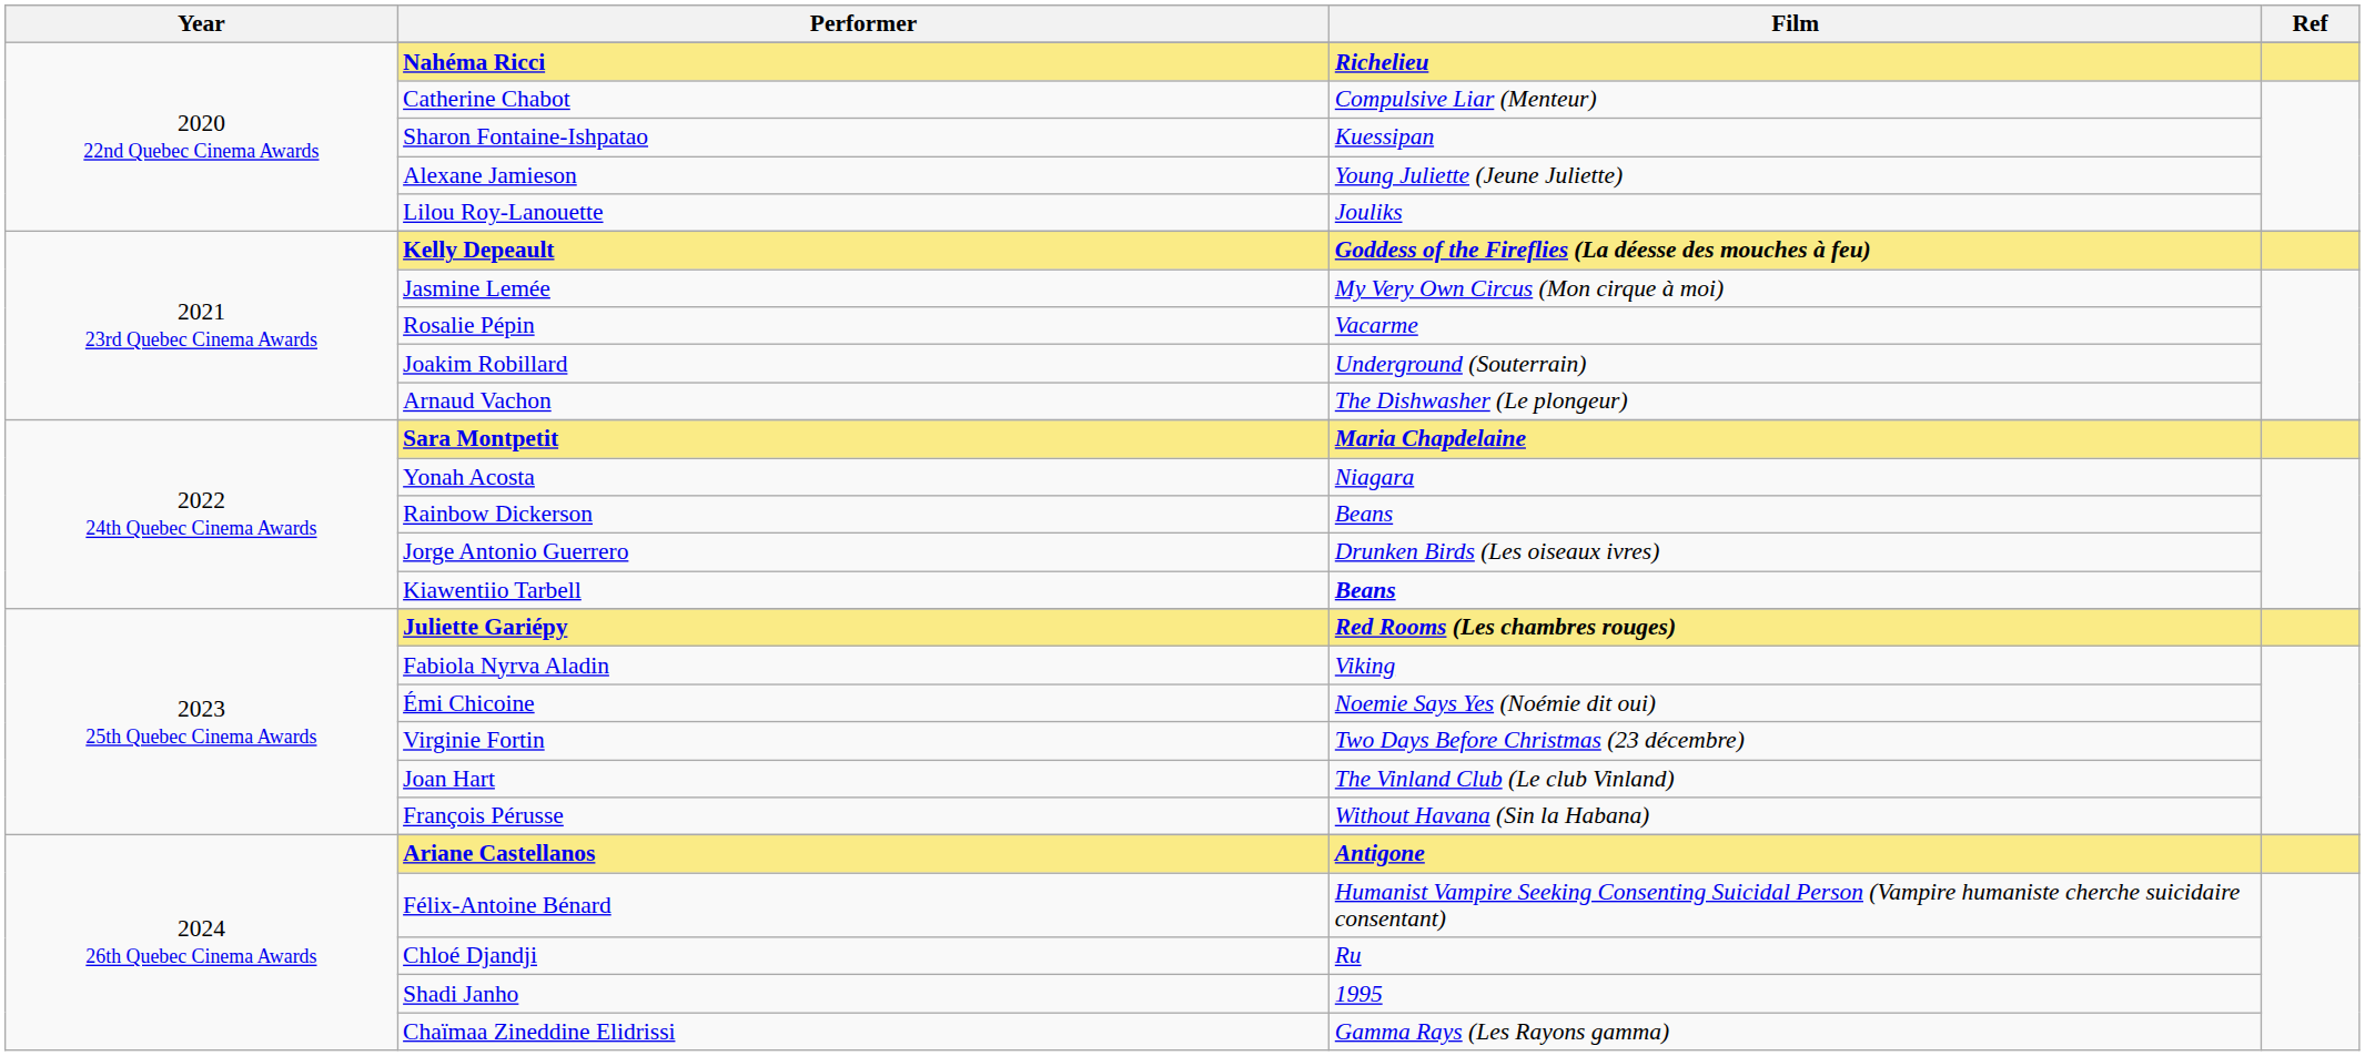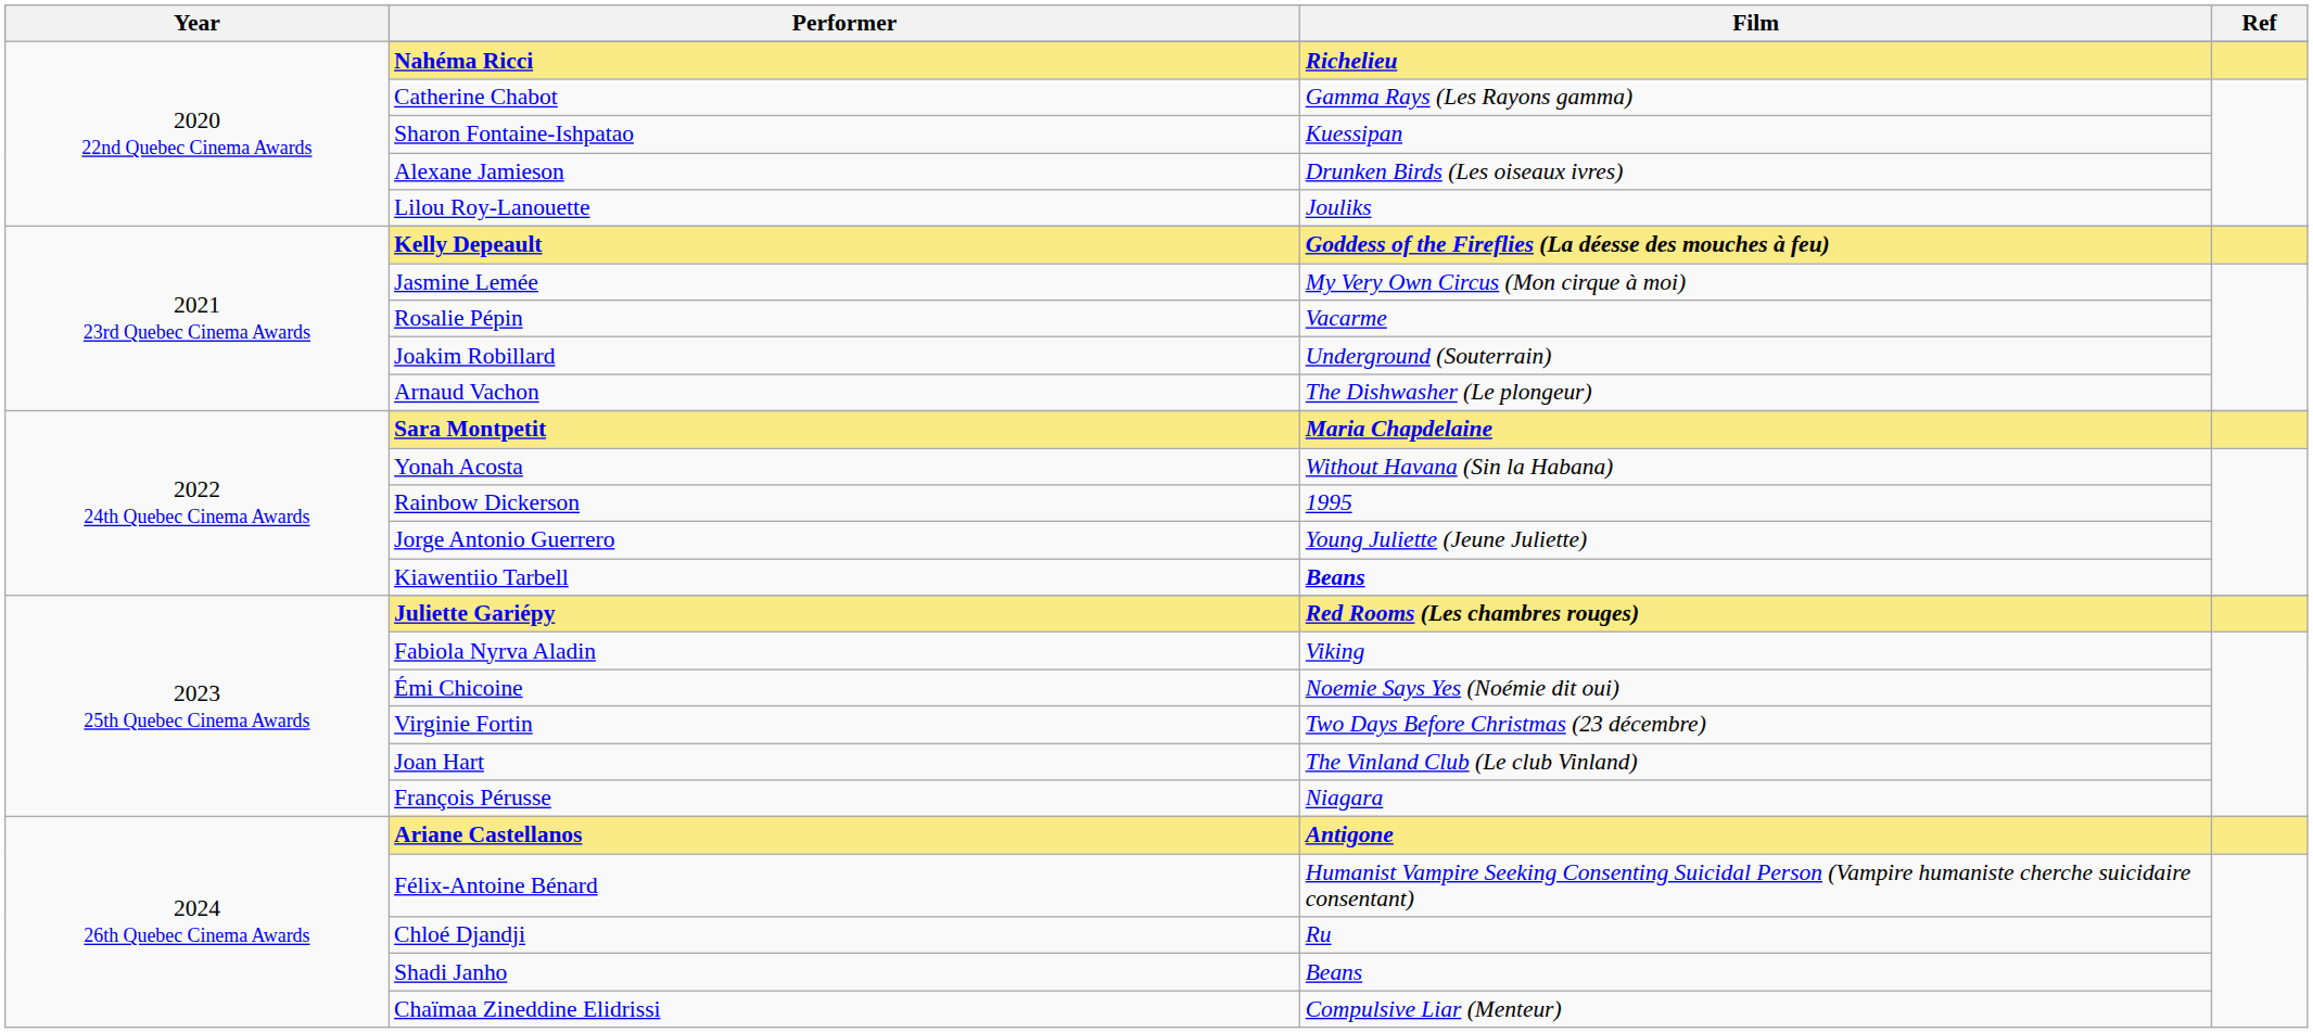 <table class="wikitable" style="width:100%;">
 <tr style="background:#bebebe;">
 <th style="width:8%;">Year</th>
 <th style="width:19%;">Performer</th>
 <th style="width:19%;">Film</th>
 <th style="width:2%;">Ref</th>
 </tr>
 <tr>
 <td rowspan="6" align="center">2020<br> <small><a href='#'>22nd Quebec Cinema Awards</a></small></td>
 </tr>
 <tr style="background:#FAEB86">
 <td><strong><a href='#'>Nahéma Ricci</a></strong></td>
 <td><strong><em><a href='#'>Richelieu</a></em></strong></td>
 <td></td>
 </tr>
 <tr>
 <td><a href='#'>Catherine Chabot</a></td>
-<td><em><a href='#'>Compulsive Liar</a> (Menteur)</em></td>
+<td><em><a href='#'>Gamma Rays</a> (Les Rayons gamma)</em></td>
 <td rowspan=4></td>
 </tr>
 <tr>
 <td><a href='#'>Sharon Fontaine-Ishpatao</a></td>
 <td><em><a href='#'>Kuessipan</a></em></td>
 </tr>
 <tr>
 <td><a href='#'>Alexane Jamieson</a></td>
-<td><em><a href='#'>Young Juliette</a> (Jeune Juliette)</em></td>
+<td><em><a href='#'>Drunken Birds</a> (Les oiseaux ivres)</em></td>
 </tr>
 <tr>
 <td><a href='#'>Lilou Roy-Lanouette</a></td>
 <td><em><a href='#'>Jouliks</a></em></td>
 </tr>
 <tr>
 <td rowspan="6" align="center">2021<br><small><a href='#'>23rd Quebec Cinema Awards</a></small></td>
 </tr>
 <tr style="background:#FAEB86">
 <td><strong><a href='#'>Kelly Depeault</a></strong></td>
 <td><strong><em><a href='#'>Goddess of the Fireflies</a> (La déesse des mouches à feu)</em></strong></td>
 <td></td>
 </tr>
 <tr>
 <td><a href='#'>Jasmine Lemée</a></td>
 <td><em><a href='#'>My Very Own Circus</a> (Mon cirque à moi)</em></td>
 <td rowspan=4></td>
 </tr>
 <tr>
 <td><a href='#'>Rosalie Pépin</a></td>
 <td><em><a href='#'>Vacarme</a></em></td>
 </tr>
 <tr>
 <td><a href='#'>Joakim Robillard</a></td>
 <td><em><a href='#'>Underground</a> (Souterrain)</em></td>
 </tr>
 <tr>
 <td><a href='#'>Arnaud Vachon</a></td>
 <td><em><a href='#'>The Dishwasher</a> (Le plongeur)</em></td>
 </tr>
 <tr>
 <td rowspan="6" align="center">2022<br><small><a href='#'>24th Quebec Cinema Awards</a></small></td>
 </tr>
 <tr style="background:#FAEB86">
 <td><strong><a href='#'>Sara Montpetit</a></strong></td>
 <td><strong><em><a href='#'>Maria Chapdelaine</a></em></strong></td>
 <td></td>
 </tr>
 <tr>
 <td><a href='#'>Yonah Acosta</a></td>
-<td><em><a href='#'>Niagara</a></em></td>
+<td><em><a href='#'>Without Havana</a> (Sin la Habana)</em></td>
 <td rowspan=4></td>
 </tr>
 <tr>
 <td><a href='#'>Rainbow Dickerson</a></td>
-<td><em><a href='#'>Beans</a></em></td>
+<td><em><a href='#'>1995</a></em></td>
 </tr>
 <tr>
 <td><a href='#'>Jorge Antonio Guerrero</a></td>
-<td><em><a href='#'>Drunken Birds</a> (Les oiseaux ivres)</em></td>
+<td><em><a href='#'>Young Juliette</a> (Jeune Juliette)</em></td>
 </tr>
 <tr>
 <td><a href='#'>Kiawentiio Tarbell</a></td>
 <td><strong><em><a href='#'>Beans</a></em></strong></td>
 </tr>
 <tr>
 <td rowspan="7" align="center">2023<br><small><a href='#'>25th Quebec Cinema Awards</a></small></td>
 </tr>
 <tr style="background:#FAEB86">
 <td><strong><a href='#'>Juliette Gariépy</a></strong></td>
 <td><strong><em><a href='#'>Red Rooms</a> (Les chambres rouges)</em></strong></td>
 <td></td>
 </tr>
 <tr>
 <td><a href='#'>Fabiola Nyrva Aladin</a></td>
 <td><em><a href='#'>Viking</a></em></td>
 <td rowspan=5></td>
 </tr>
 <tr>
 <td><a href='#'>Émi Chicoine</a></td>
 <td><em><a href='#'>Noemie Says Yes</a> (Noémie dit oui)</em></td>
 </tr>
 <tr>
 <td><a href='#'>Virginie Fortin</a></td>
 <td><em><a href='#'>Two Days Before Christmas</a> (23 décembre)</em></td>
 </tr>
 <tr>
 <td><a href='#'>Joan Hart</a></td>
 <td><em><a href='#'>The Vinland Club</a> (Le club Vinland)</em></td>
 </tr>
 <tr>
 <td><a href='#'>François Pérusse</a></td>
-<td><em><a href='#'>Without Havana</a> (Sin la Habana)</em></td>
+<td><em><a href='#'>Niagara</a></em></td>
 </tr>
 <tr>
 <td rowspan="6" align="center">2024<br><small><a href='#'>26th Quebec Cinema Awards</a></small></td>
 </tr>
 <tr style="background:#FAEB86">
 <td><strong><a href='#'>Ariane Castellanos</a></strong></td>
 <td><strong><em><a href='#'>Antigone</a></em></strong></td>
 <td></td>
 </tr>
 <tr>
 <td><a href='#'>Félix-Antoine Bénard</a></td>
 <td><em><a href='#'>Humanist Vampire Seeking Consenting Suicidal Person</a> (Vampire humaniste cherche suicidaire consentant)</em></td>
 <td rowspan=4></td>
 </tr>
 <tr>
 <td><a href='#'>Chloé Djandji</a></td>
 <td><em><a href='#'>Ru</a></em></td>
 </tr>
 <tr>
 <td><a href='#'>Shadi Janho</a></td>
-<td><em><a href='#'>1995</a></em></td>
+<td><em><a href='#'>Beans</a></em></td>
 </tr>
 <tr>
 <td><a href='#'>Chaïmaa Zineddine Elidrissi</a></td>
-<td><em><a href='#'>Gamma Rays</a> (Les Rayons gamma)</em></td>
+<td><em><a href='#'>Compulsive Liar</a> (Menteur)</em></td>
 </tr>
 </table>
